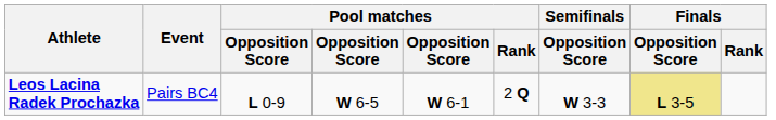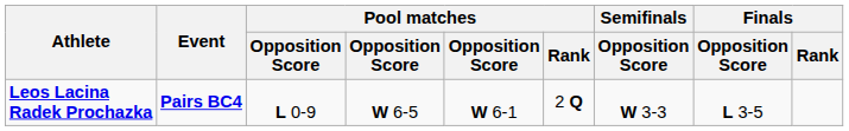 <table class=wikitable>
 <tr>
 <th rowspan="2">Athlete</th>
 <th rowspan="2">Event</th>
 <th colspan="4">Pool matches</th>
 <th>Semifinals</th>
 <th colspan="2">Finals</th>
 </tr>
 <tr>
 <th>Opposition<br>Score</th>
 <th>Opposition<br>Score</th>
 <th>Opposition<br>Score</th>
 <th>Rank</th>
 <th>Opposition<br>Score</th>
 <th>Opposition<br>Score</th>
 <th>Rank</th>
 </tr>
 <tr>
 <td align=left><strong><a href='#'>Leos Lacina</a></strong><br> <strong><a href='#'>Radek Prochazka</a></strong></td>
-<td align=left><a href='#'>Pairs BC4</a></td>
+<td align=left><strong><a href='#'>Pairs BC4</a></strong></td>
 <td align=center><br><strong>L</strong> 0-9</td>
 <td align=center><br><strong>W</strong> 6-5</td>
 <td align=center><br><strong>W</strong> 6-1</td>
 <td align=center>2 <strong>Q</strong></td>
 <td align=center><br><strong>W</strong> 3-3</td>
-<td align=center style="background: khaki;"><br><strong>L</strong> 3-5</td>
+<td align=center><br><strong>L</strong> 3-5</td>
 <td align=center></td>
 </tr>
 </table>
